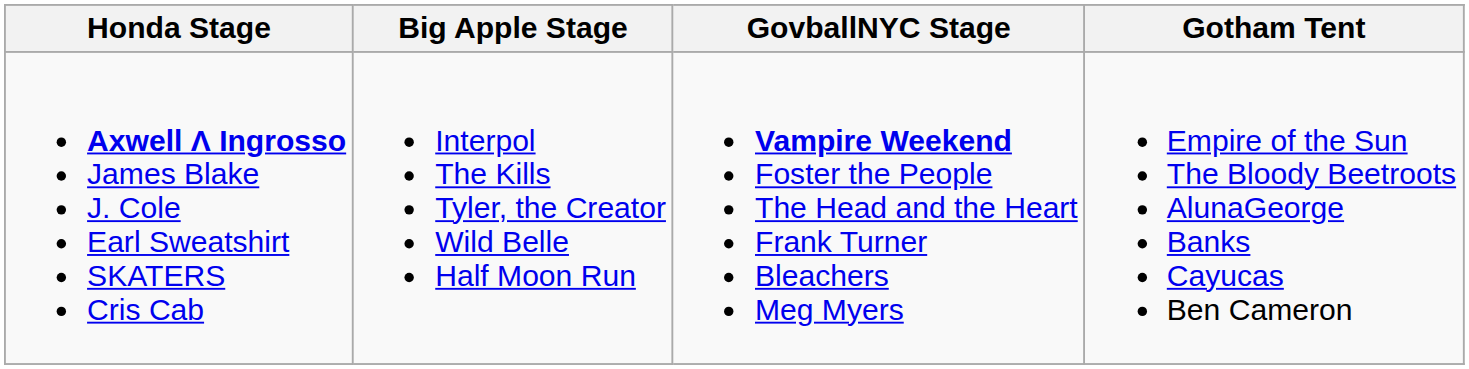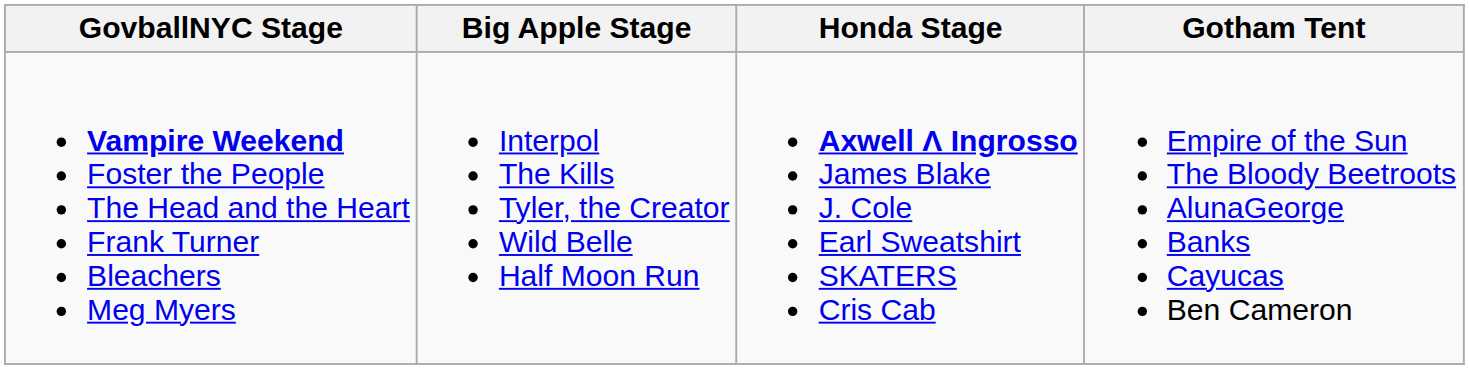 <table class="wikitable">
 <tr>
+<th>GovballNYC Stage</th>
+<th>Big Apple Stage</th>
 <th>Honda Stage</th>
-<th>Big Apple Stage</th>
-<th>GovballNYC Stage</th>
 <th>Gotham Tent</th>
 </tr>
 <tr valign="top">
+<td><br><ul><li><strong><a href='#'>Vampire Weekend</a></strong></li><li><a href='#'>Foster the People</a></li><li><a href='#'>The Head and the Heart</a></li><li><a href='#'>Frank Turner</a></li><li><a href='#'>Bleachers</a></li><li><a href='#'>Meg Myers</a></li></ul></td>
+<td><br><ul><li><a href='#'>Interpol</a></li><li><a href='#'>The Kills</a></li><li><a href='#'>Tyler, the Creator</a></li><li><a href='#'>Wild Belle</a></li><li><a href='#'>Half Moon Run</a></li></ul></td>
 <td><br><ul><li><strong><a href='#'>Axwell Λ Ingrosso</a></strong></li><li><a href='#'>James Blake</a></li><li><a href='#'>J. Cole</a></li><li><a href='#'>Earl Sweatshirt</a></li><li><a href='#'>SKATERS</a></li><li><a href='#'>Cris Cab</a></li></ul></td>
-<td><br><ul><li><a href='#'>Interpol</a></li><li><a href='#'>The Kills</a></li><li><a href='#'>Tyler, the Creator</a></li><li><a href='#'>Wild Belle</a></li><li><a href='#'>Half Moon Run</a></li></ul></td>
-<td><br><ul><li><strong><a href='#'>Vampire Weekend</a></strong></li><li><a href='#'>Foster the People</a></li><li><a href='#'>The Head and the Heart</a></li><li><a href='#'>Frank Turner</a></li><li><a href='#'>Bleachers</a></li><li><a href='#'>Meg Myers</a></li></ul></td>
 <td><br><ul><li><a href='#'>Empire of the Sun</a></li><li><a href='#'>The Bloody Beetroots</a></li><li><a href='#'>AlunaGeorge</a></li><li><a href='#'>Banks</a></li><li><a href='#'>Cayucas</a></li><li>Ben Cameron</li></ul></td>
 </tr>
 </table>
